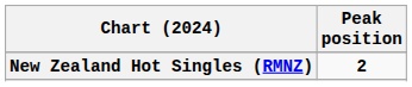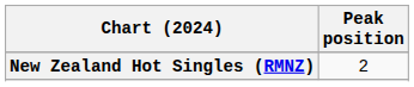 <table class="wikitable sortable plainrowheaders" style="text-align:center">
 <tr>
 <th scope="col">Chart (2024)</th>
 <th scope="col">Peak<br>position</th>
 </tr>
 <tr>
 </tr>
 <tr>
 </tr>
 <tr>
 </tr>
 <tr>
 <th scope="row">New Zealand Hot Singles (<a href='#'>RMNZ</a>)</th>
-<td><strong>2</strong></td>
+<td>2</td>
 </tr>
 <tr>
 </tr>
 <tr>
 </tr>
 <tr>
 </tr>
 <tr>
 </tr>
 </table>
